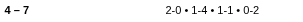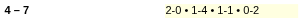 <table>
 <tr>
 <th width=200></th>
 <th width=80></th>
 <th width=200></th>
 <th width=220></th>
 </tr>
 <tr>
 <td align=right></td>
 <td align=center><strong>4 – 7</strong></td>
 <td><strong></strong></td>
-<td>2-0 • 1-4 • 1-1 • 0-2</td>
+<td style="background: lightyellow;">2-0 • 1-4 • 1-1 • 0-2</td>
 </tr>
 </table>
